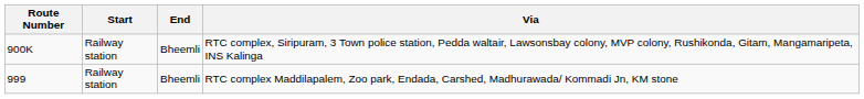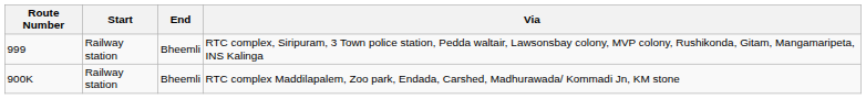 <table class="sortable wikitable">
 <tr>
 <th>Route Number</th>
 <th>Start</th>
 <th>End</th>
 <th>Via</th>
 </tr>
 <tr>
-<td>900K</td>
+<td>999</td>
 <td>Railway station</td>
 <td>Bheemli</td>
 <td>RTC complex, Siripuram, 3 Town police station, Pedda waltair, Lawsonsbay colony, MVP colony, Rushikonda, Gitam, Mangamaripeta, INS Kalinga</td>
 </tr>
 <tr>
-<td>999</td>
+<td>900K</td>
 <td>Railway station</td>
 <td>Bheemli</td>
 <td>RTC complex Maddilapalem, Zoo park, Endada, Carshed, Madhurawada/ Kommadi Jn, KM stone</td>
 </tr>
 </table>
